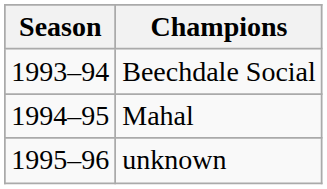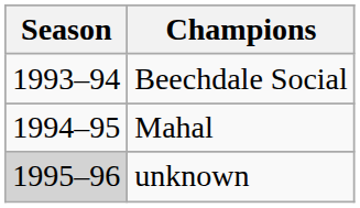 <table class=wikitable>
 <tr>
 <th>Season</th>
 <th>Champions</th>
 </tr>
 <tr>
 <td>1993–94</td>
 <td>Beechdale Social</td>
 </tr>
 <tr>
 <td>1994–95</td>
 <td>Mahal</td>
 </tr>
 <tr>
-<td>1995–96</td>
+<td style="background: lightgrey;">1995–96</td>
 <td>unknown</td>
 </tr>
 </table>
